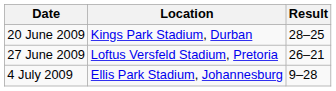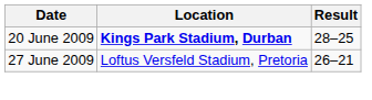 <table class="wikitable" style="align:center;">
 <tr>
 <th>Date</th>
 <th>Location</th>
 <th>Result</th>
 </tr>
 <tr>
 <td>20 June 2009</td>
-<td><a href='#'>Kings Park Stadium</a>, <a href='#'>Durban</a></td>
+<td><strong><a href='#'>Kings Park Stadium</a>, <a href='#'>Durban</a></strong></td>
 <td> 28–25 </td>
 </tr>
 <tr>
 <td>27 June 2009</td>
 <td><a href='#'>Loftus Versfeld Stadium</a>, <a href='#'>Pretoria</a></td>
 <td> 26–21 </td>
 </tr>
-<tr>
-<td>4 July 2009</td>
-<td><a href='#'>Ellis Park Stadium</a>, <a href='#'>Johannesburg</a></td>
-<td> 9–28 </td>
-</tr>
 </table>
